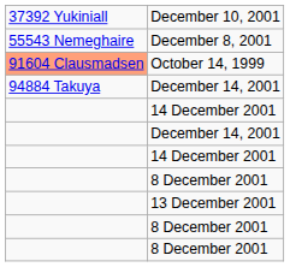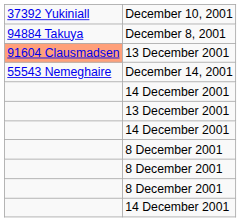 <table class="wikitable floatright" style="font-size: 0.9em;">
 <tr>
 <td><a href='#'>37392 Yukiniall</a></td>
 <td>December 10, 2001</td>
 </tr>
 <tr>
-<td><a href='#'>55543 Nemeghaire</a></td>
+<td><a href='#'>94884 Takuya</a></td>
 <td>December 8, 2001</td>
 </tr>
 <tr>
 <td style="background: lightsalmon;"><a href='#'>91604 Clausmadsen</a></td>
-<td>October 14, 1999</td>
+<td>13 December 2001</td>
 </tr>
 <tr>
-<td><a href='#'>94884 Takuya</a></td>
+<td><a href='#'>55543 Nemeghaire</a></td>
 <td>December 14, 2001</td>
 </tr>
 <tr>
 <td></td>
 <td>14 December 2001</td>
 </tr>
 <tr>
 <td></td>
-<td>December 14, 2001</td>
+<td>13 December 2001</td>
 </tr>
 <tr>
 <td></td>
 <td>14 December 2001</td>
 </tr>
 <tr>
 <td></td>
 <td>8 December 2001</td>
 </tr>
 <tr>
 <td></td>
-<td>13 December 2001</td>
+<td>8 December 2001</td>
 </tr>
 <tr>
 <td></td>
 <td>8 December 2001</td>
 </tr>
 <tr>
 <td></td>
-<td>8 December 2001</td>
+<td>14 December 2001</td>
 </tr>
 </table>
